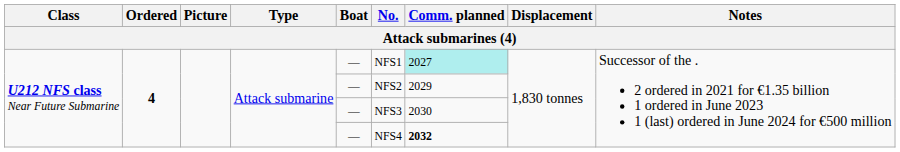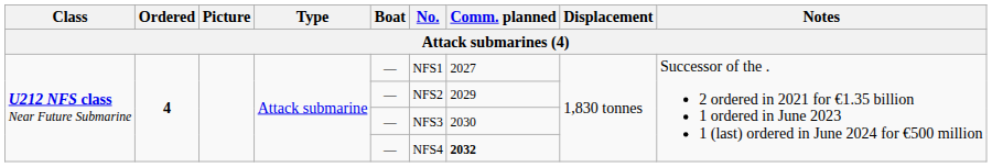 <table class="wikitable">
 <tr>
 <th>Class</th>
 <th>Ordered</th>
 <th>Picture</th>
 <th>Type</th>
 <th>Boat</th>
 <th><a href='#'>No.</a></th>
 <th><a href='#'>Comm.</a> planned</th>
 <th>Displacement</th>
 <th>Notes</th>
 </tr>
 <tr>
 <th colspan="9">Attack submarines (4)</th>
 </tr>
 <tr>
 <td rowspan="4"><strong><a href='#'><em>U212 NFS</em> class</a></strong><br><small><em>Near Future Submarine</em></small></td>
 <td rowspan="4" style="text-align: center;"><strong>4</strong></td>
 <td rowspan="4"></td>
 <td rowspan="4"><a href='#'>Attack submarine</a></td>
 <td style="text-align: center;"><small>—</small></td>
 <td><small>NFS1</small></td>
-<td style="background: paleturquoise;"><small>2027</small></td>
+<td><small>2027</small></td>
 <td rowspan="4">1,830 tonnes</td>
 <td rowspan="4">Successor of the .<br><ul><li>2 ordered in 2021 for €1.35 billion</li><li>1 ordered in June 2023</li><li>1 (last) ordered in June 2024 for €500 million</li></ul></td>
 </tr>
 <tr>
 <td style="text-align: center;"><small>—</small></td>
 <td><small>NFS2</small></td>
 <td><small>2029</small></td>
 </tr>
 <tr>
 <td style="text-align: center;"><small>—</small></td>
 <td><small>NFS3</small></td>
 <td><small>2030</small></td>
 </tr>
 <tr>
 <td style="text-align: center;"><small>—</small></td>
 <td><small>NFS4</small></td>
 <td><strong><small>2032</small></strong></td>
 </tr>
 </table>
